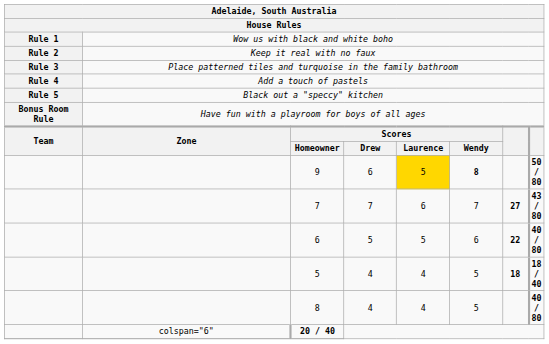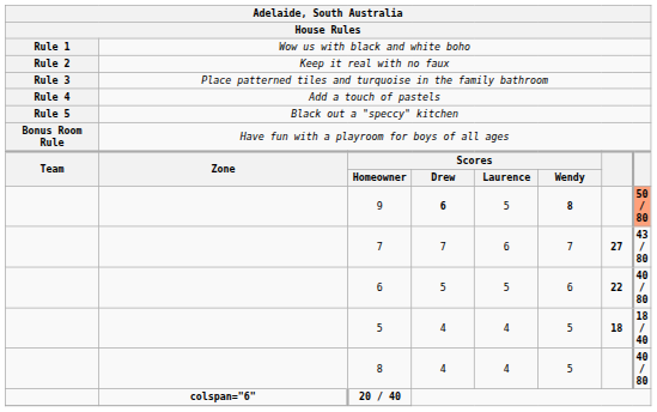 <table class="wikitable plainrowheaders" style="text-align:center; font-size:90%; width:65em;">
 <tr>
 <th colspan="8" >Adelaide, South Australia</th>
 </tr>
 <tr>
 <th colspan="8">House Rules</th>
 </tr>
 <tr>
 <th>Rule 1</th>
 <td colspan="7"><em>Wow us with black and white boho</em></td>
 </tr>
 <tr>
 <th>Rule 2</th>
 <td colspan="7"><em>Keep it real with no faux</em></td>
 </tr>
 <tr>
 <th>Rule 3</th>
 <td colspan="7"><em>Place patterned tiles and turquoise in the family bathroom</em></td>
 </tr>
 <tr>
 <th>Rule 4</th>
 <td colspan="7"><em>Add a touch of pastels</em></td>
 </tr>
 <tr>
 <th>Rule 5</th>
 <td colspan="7"><em>Black out a "speccy" kitchen</em></td>
 </tr>
 <tr>
 <th>Bonus Room Rule</th>
 <td colspan="7"><em>Have fun with a playroom for boys of all ages</em></td>
 </tr>
 <tr style="border-top:3px solid #aaa;">
 <th rowspan="2">Team</th>
 <th rowspan="2" style="width:40%;">Zone</th>
 <th colspan="4" style="width:40%;">Scores</th>
 <th rowspan="2" style="width:10%;"></th>
 <th rowspan="2" style="width:10%; border-left:3px solid #aaa;"></th>
 </tr>
 <tr>
 <th style="width:10%;">Homeowner</th>
 <th style="width:10%;">Drew</th>
 <th style="width:10%;">Laurence</th>
 <th style="width:10%;">Wendy</th>
 </tr>
 <tr>
 <td style="width:15%;"></td>
 <td></td>
 <td>9</td>
-<td>6</td>
-<td style="background: gold;">5</td>
+<td><strong>6</strong></td>
+<td>5</td>
 <td><strong>8</strong></td>
 <td></td>
-<td style="border-left:3px solid #aaa;"><strong>50 / 80</strong></td>
+<td style="background: lightsalmon; border-left:3px solid #aaa;"><strong>50 / 80</strong></td>
 </tr>
 <tr>
 <td style="width:15%;"></td>
 <td></td>
 <td>7</td>
 <td>7</td>
 <td>6</td>
 <td>7</td>
 <td><strong>27</strong></td>
 <td style="border-left:3px solid #aaa;"><strong>43 / 80</strong></td>
 </tr>
 <tr>
 <td style="width:15%;"></td>
 <td></td>
 <td>6</td>
 <td>5</td>
 <td>5</td>
 <td>6</td>
 <td><strong>22</strong></td>
 <td style="border-left:3px solid #aaa;"><strong>40 / 80</strong></td>
 </tr>
 <tr>
 <td style="width:15%;"></td>
 <td></td>
 <td>5</td>
 <td>4</td>
 <td>4</td>
 <td>5</td>
 <td><strong>18</strong></td>
 <td style="border-left:3px solid #aaa;"><strong>18 / 40</strong></td>
 </tr>
 <tr>
 <td style="width:15%;"></td>
 <td></td>
 <td>8</td>
 <td>4</td>
 <td>4</td>
 <td>5</td>
 <td></td>
 <td style="border-left:3px solid #aaa;"><strong>40 / 80</strong></td>
 </tr>
 <tr>
 <td style="width:15%;"></td>
-<td>colspan="6" </td>
+<td><strong>colspan="6" </strong></td>
 <td style="border-left:3px solid #aaa;"><strong>20 / 40</strong></td>
 </tr>
 <tr>
 </tr>
 </table>
